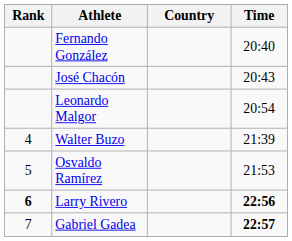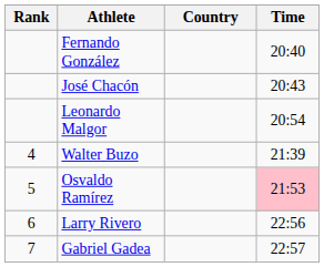 <table class="wikitable sortable" style=" text-align:center; font-size:95%;" width="50%">
 <tr>
 </tr>
 <tr>
 <th width=5%>Rank</th>
 <th width=20%>Athlete</th>
 <th width=15%>Country</th>
 <th width=10%>Time</th>
 </tr>
 <tr>
 <td align=center></td>
 <td align=left><a href='#'>Fernando González</a></td>
 <td align=left></td>
 <td>20:40</td>
 </tr>
 <tr>
 <td align=center></td>
 <td align=left><a href='#'>José Chacón</a></td>
 <td align=left></td>
 <td>20:43</td>
 </tr>
 <tr>
 <td align=center></td>
 <td align=left><a href='#'>Leonardo Malgor</a></td>
 <td align=left></td>
 <td>20:54</td>
 </tr>
 <tr>
 <td align=center>4</td>
 <td align=left><a href='#'>Walter Buzo</a></td>
 <td align=left></td>
 <td>21:39</td>
 </tr>
 <tr>
 <td align=center>5</td>
 <td align=left><a href='#'>Osvaldo Ramírez</a></td>
 <td align=left></td>
-<td>21:53</td>
+<td style="background: pink;">21:53</td>
 </tr>
 <tr>
-<td align=center><strong>6</strong></td>
+<td align=center>6</td>
 <td align=left><a href='#'>Larry Rivero</a></td>
 <td align=left></td>
-<td><strong>22:56</strong></td>
+<td>22:56</td>
 </tr>
 <tr>
 <td align=center>7</td>
 <td align=left><a href='#'>Gabriel Gadea</a></td>
 <td align=left></td>
-<td><strong>22:57</strong></td>
+<td>22:57</td>
 </tr>
 </table>
